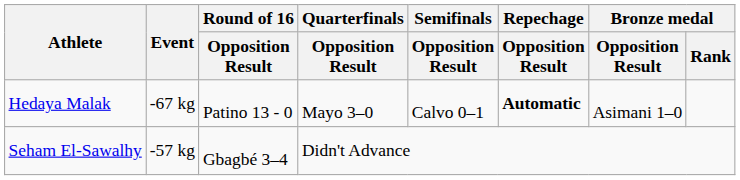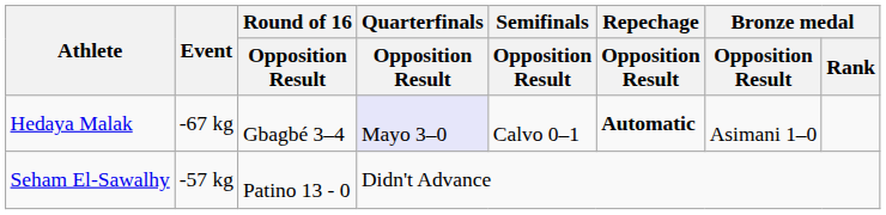 <table class="wikitable">
 <tr>
 <th rowspan="2">Athlete</th>
 <th rowspan="2">Event</th>
 <th>Round of 16</th>
 <th>Quarterfinals</th>
 <th>Semifinals</th>
 <th>Repechage</th>
 <th colspan="2">Bronze medal</th>
 </tr>
 <tr>
 <th>Opposition<br>Result</th>
 <th>Opposition<br>Result</th>
 <th>Opposition<br>Result</th>
 <th>Opposition<br>Result</th>
 <th>Opposition<br>Result</th>
 <th>Rank</th>
 </tr>
 <tr>
 <td><a href='#'>Hedaya Malak</a></td>
 <td>-67 kg</td>
-<td><br>Patino 13 - 0</td>
-<td><br>Mayo 3–0</td>
+<td><br>Gbagbé 3–4</td>
+<td style="background: lavender;"><br>Mayo 3–0</td>
 <td><br>Calvo 0–1</td>
 <td><strong>Automatic</strong></td>
 <td><br>Asimani 1–0</td>
 <td></td>
 </tr>
 <tr>
 <td><a href='#'>Seham El-Sawalhy</a></td>
 <td>-57 kg</td>
-<td><br>Gbagbé 3–4</td>
+<td><br>Patino 13 - 0</td>
 <td colspan="5">Didn't Advance</td>
 </tr>
 </table>
